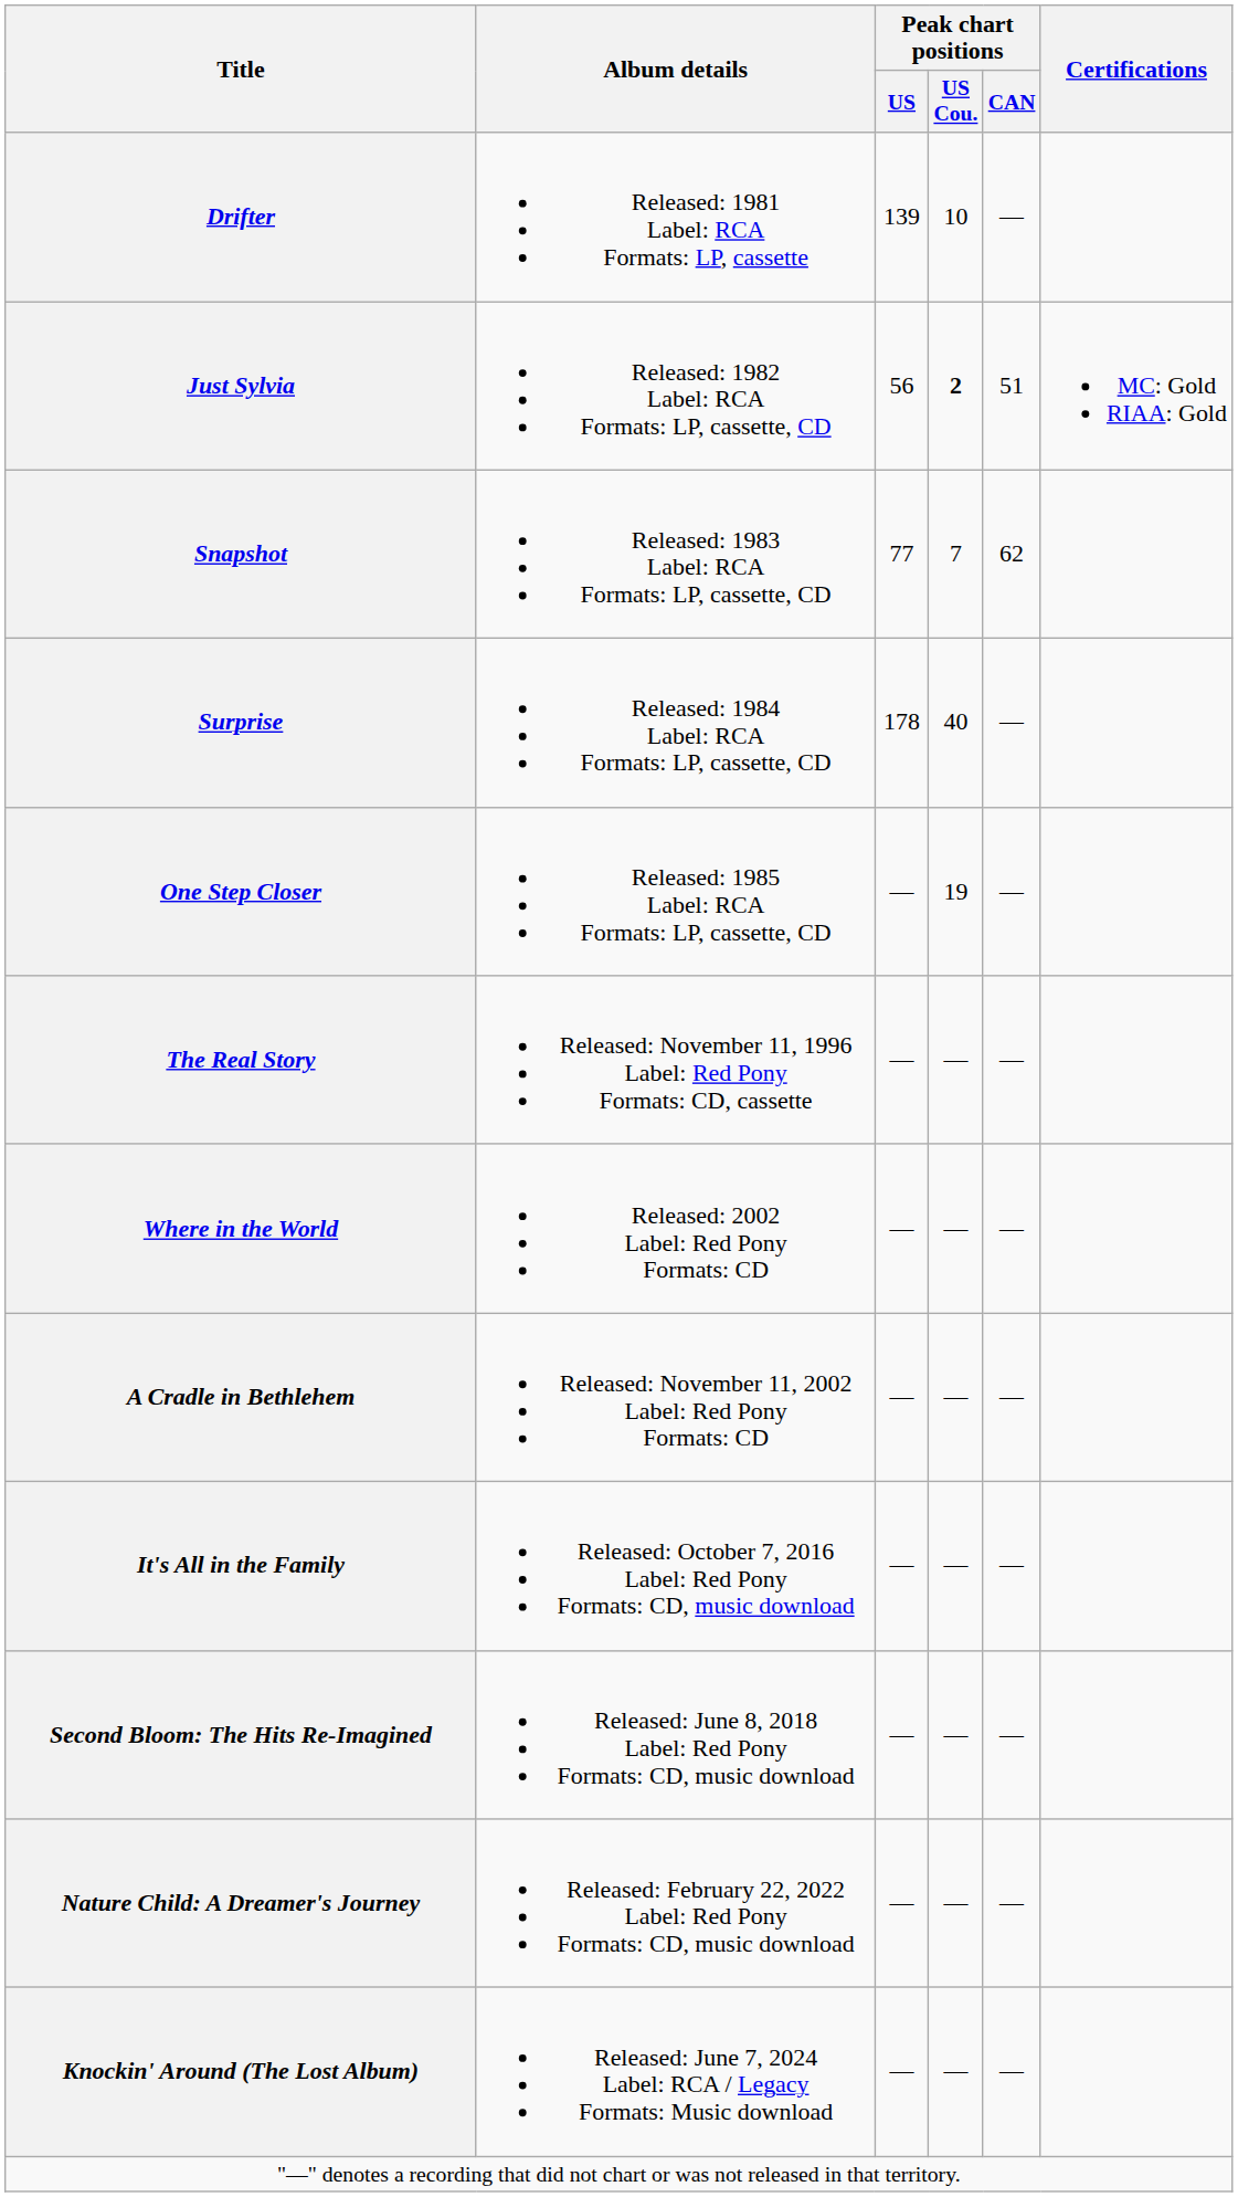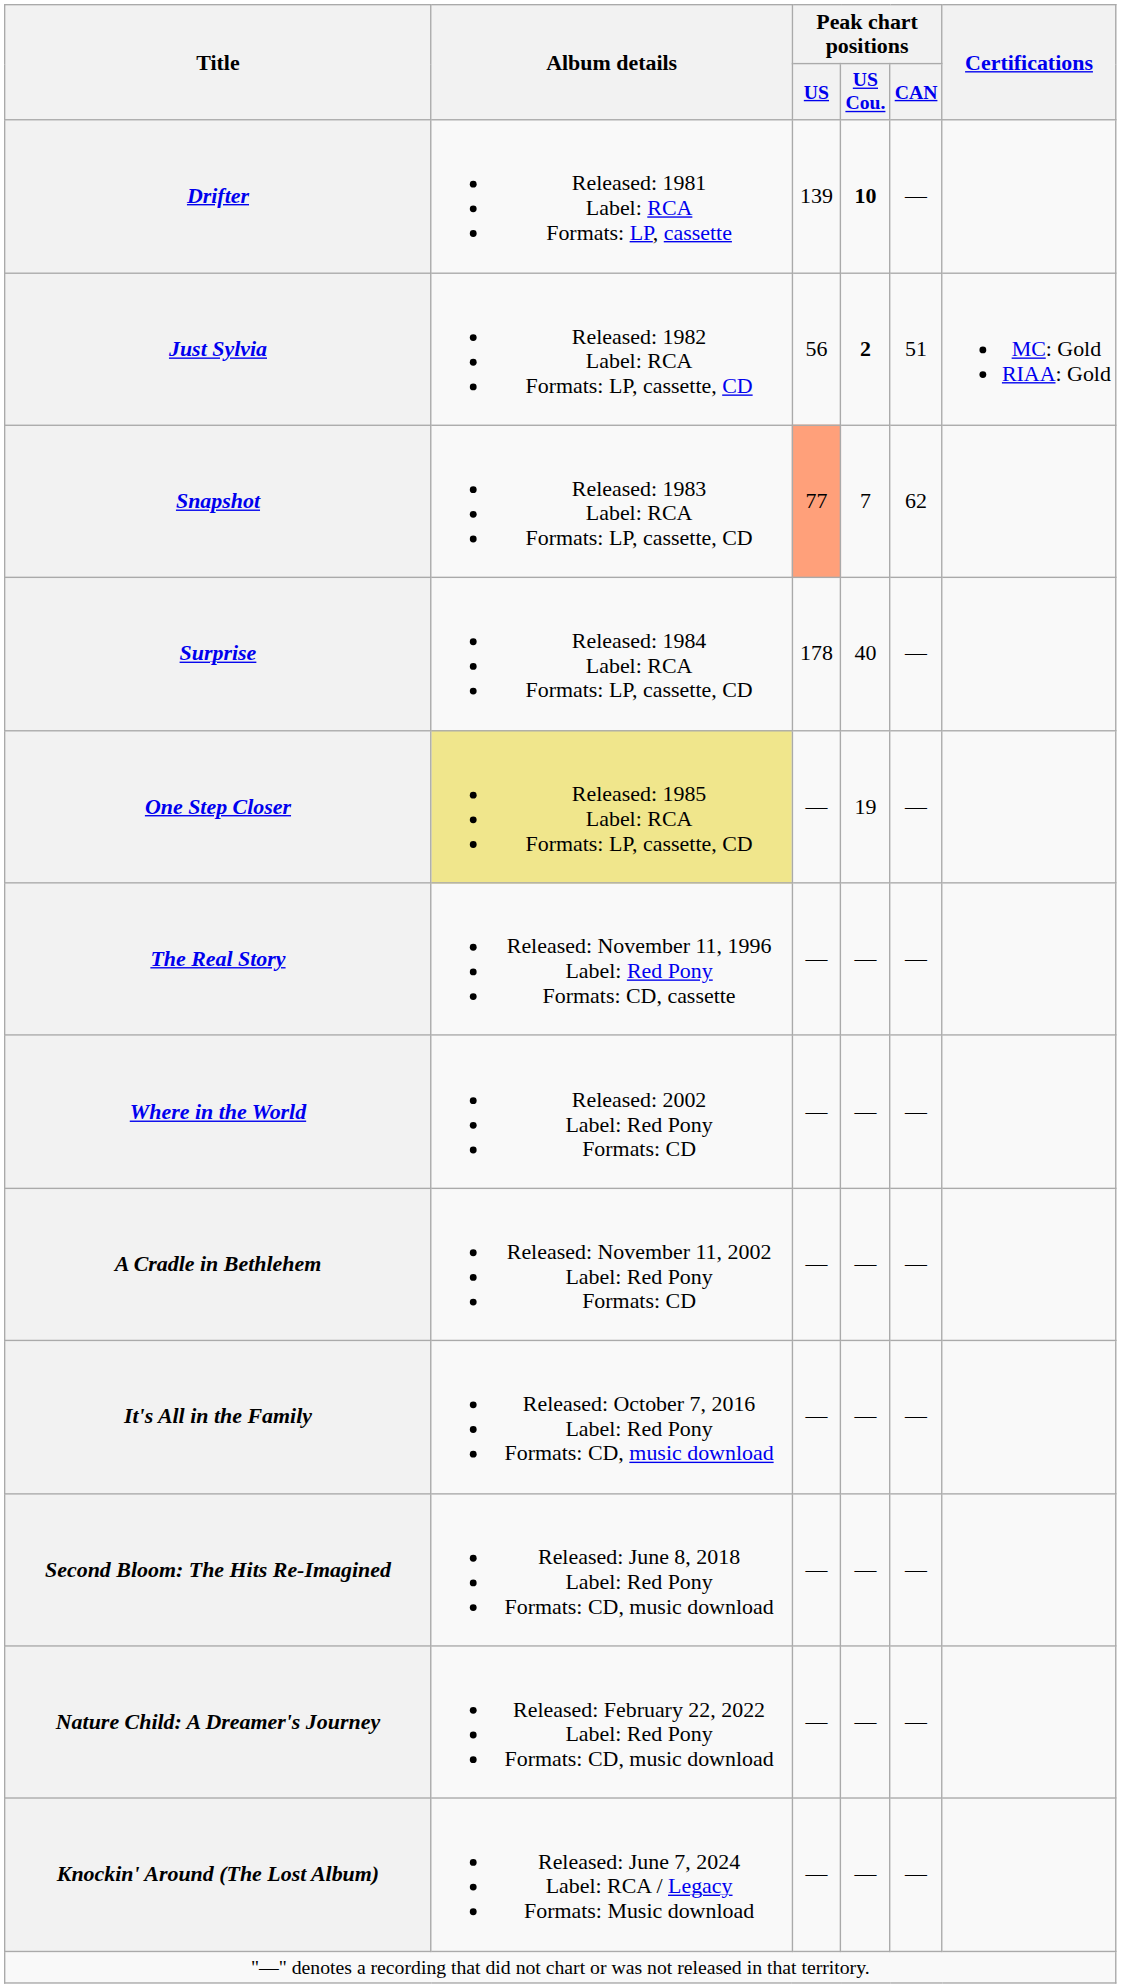 <table class="wikitable plainrowheaders" style="text-align:center;">
 <tr>
 <th scope="col" rowspan="2" style="width:19em;">Title</th>
 <th scope="col" rowspan="2" style="width:16em;">Album details</th>
 <th scope="col" colspan="3">Peak chart<br>positions</th>
 <th scope="col" rowspan="2"><a href='#'>Certifications</a></th>
 </tr>
 <tr>
 <th scope="col" style="width:2em;font-size:90%;"><a href='#'>US</a><br></th>
 <th scope="col" style="width:2em;font-size:90%;"><a href='#'>US<br>Cou.</a><br></th>
 <th scope="col" style="width:2em;font-size:90%;"><a href='#'>CAN</a><br></th>
 </tr>
 <tr>
 <th scope="row"><em><a href='#'>Drifter</a></em></th>
 <td><br><ul><li>Released: 1981</li><li>Label: <a href='#'>RCA</a></li><li>Formats: <a href='#'>LP</a>, <a href='#'>cassette</a></li></ul></td>
 <td>139</td>
-<td>10</td>
+<td><strong>10</strong></td>
 <td>—</td>
 <td></td>
 </tr>
 <tr>
 <th scope="row"><em><a href='#'>Just Sylvia</a></em></th>
 <td><br><ul><li>Released: 1982</li><li>Label: RCA</li><li>Formats: LP, cassette, <a href='#'>CD</a></li></ul></td>
 <td>56</td>
 <td><strong>2</strong></td>
 <td>51</td>
 <td><br><ul><li><a href='#'>MC</a>: Gold</li><li><a href='#'>RIAA</a>: Gold</li></ul></td>
 </tr>
 <tr>
 <th scope="row"><em><a href='#'>Snapshot</a></em></th>
 <td><br><ul><li>Released: 1983</li><li>Label: RCA</li><li>Formats: LP, cassette, CD</li></ul></td>
-<td>77</td>
+<td style="background: lightsalmon;">77</td>
 <td>7</td>
 <td>62</td>
 <td></td>
 </tr>
 <tr>
 <th scope="row"><em><a href='#'>Surprise</a></em></th>
 <td><br><ul><li>Released: 1984</li><li>Label: RCA</li><li>Formats: LP, cassette, CD</li></ul></td>
 <td>178</td>
 <td>40</td>
 <td>—</td>
 <td></td>
 </tr>
 <tr>
 <th scope="row"><em><a href='#'>One Step Closer</a></em></th>
-<td><br><ul><li>Released: 1985</li><li>Label: RCA</li><li>Formats: LP, cassette, CD</li></ul></td>
+<td style="background: khaki;"><br><ul><li>Released: 1985</li><li>Label: RCA</li><li>Formats: LP, cassette, CD</li></ul></td>
 <td>—</td>
 <td>19</td>
 <td>—</td>
 <td></td>
 </tr>
 <tr>
 <th scope="row"><em><a href='#'>The Real Story</a></em></th>
 <td><br><ul><li>Released: November 11, 1996</li><li>Label: <a href='#'>Red Pony</a></li><li>Formats: CD, cassette</li></ul></td>
 <td>—</td>
 <td>—</td>
 <td>—</td>
 <td></td>
 </tr>
 <tr>
 <th scope="row"><em><a href='#'>Where in the World</a></em></th>
 <td><br><ul><li>Released: 2002</li><li>Label: Red Pony</li><li>Formats: CD</li></ul></td>
 <td>—</td>
 <td>—</td>
 <td>—</td>
 <td></td>
 </tr>
 <tr>
 <th scope="row"><em>A Cradle in Bethlehem</em></th>
 <td><br><ul><li>Released: November 11, 2002</li><li>Label: Red Pony</li><li>Formats: CD</li></ul></td>
 <td>—</td>
 <td>—</td>
 <td>—</td>
 <td></td>
 </tr>
 <tr>
 <th scope="row"><em>It's All in the Family</em></th>
 <td><br><ul><li>Released: October 7, 2016</li><li>Label: Red Pony</li><li>Formats: CD, <a href='#'>music download</a></li></ul></td>
 <td>—</td>
 <td>—</td>
 <td>—</td>
 <td></td>
 </tr>
 <tr>
 <th scope="row"><em>Second Bloom: The Hits Re-Imagined</em><br></th>
 <td><br><ul><li>Released: June 8, 2018</li><li>Label: Red Pony</li><li>Formats: CD, music download</li></ul></td>
 <td>—</td>
 <td>—</td>
 <td>—</td>
 <td></td>
 </tr>
 <tr>
 <th scope="row"><em>Nature Child: A Dreamer's Journey</em></th>
 <td><br><ul><li>Released: February 22, 2022</li><li>Label: Red Pony</li><li>Formats: CD, music download</li></ul></td>
 <td>—</td>
 <td>—</td>
 <td>—</td>
 <td></td>
 </tr>
 <tr>
 <th scope="row"><em>Knockin' Around (The Lost Album)</em></th>
 <td><br><ul><li>Released: June 7, 2024</li><li>Label: RCA / <a href='#'>Legacy</a></li><li>Formats: Music download</li></ul></td>
 <td>—</td>
 <td>—</td>
 <td>—</td>
 <td></td>
 </tr>
 <tr>
 <td colspan="6" style="font-size:90%">"—" denotes a recording that did not chart or was not released in that territory.</td>
 </tr>
 </table>
